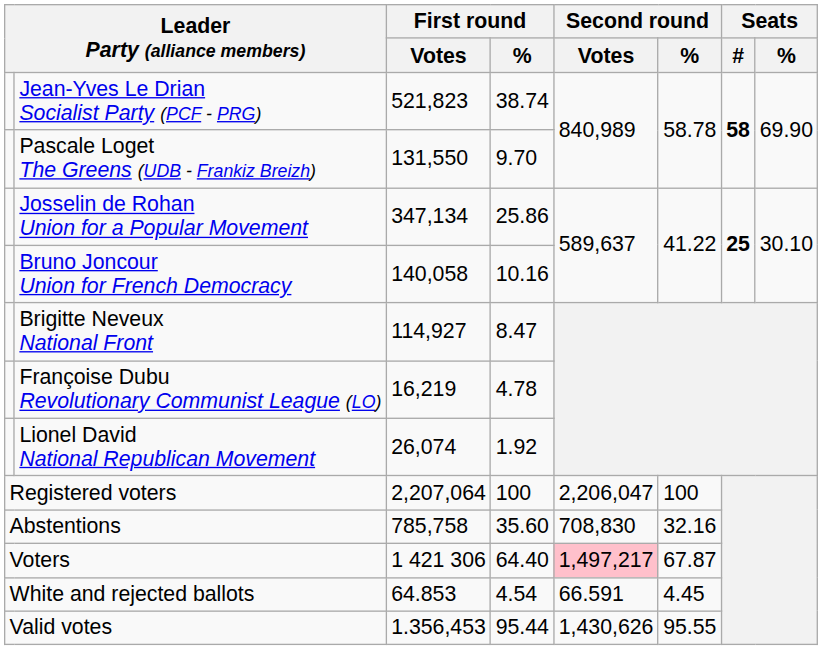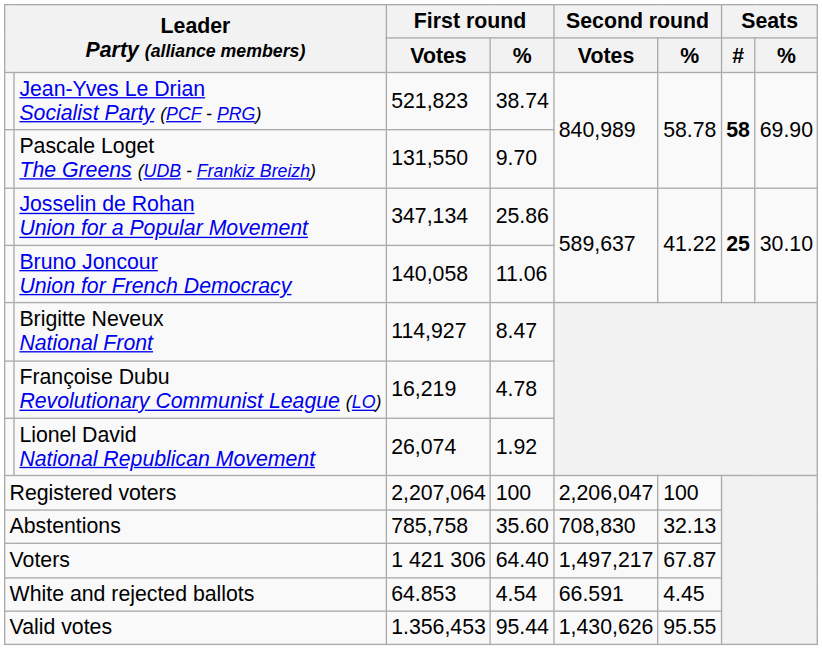 <table class="wikitable">
 <tr>
 <th colspan="2" rowspan="2">Leader<br><em>Party <small>(alliance members)</small></em></th>
 <th colspan="2">First round</th>
 <th colspan="2">Second round</th>
 <th colspan="2">Seats</th>
 </tr>
 <tr>
 <th>Votes</th>
 <th>%</th>
 <th>Votes</th>
 <th>%</th>
 <th>#</th>
 <th>%</th>
 </tr>
 <tr>
 <td style="background:"></td>
 <td><a href='#'>Jean-Yves Le Drian</a><br><a href='#'><em>Socialist Party</em></a> <em><small>(<a href='#'>PCF</a> - <a href='#'>PRG</a>)</small></em></td>
 <td>521,823</td>
 <td>38.74</td>
 <td rowspan="2">840,989</td>
 <td rowspan="2">58.78</td>
 <td rowspan="2"><strong>58</strong></td>
 <td rowspan="2">69.90</td>
 </tr>
 <tr>
 <td style="background:"></td>
 <td>Pascale Loget<br><em><a href='#'>The Greens</a> <small>(<a href='#'>UDB</a> - <a href='#'>Frankiz Breizh</a>)</small></em></td>
 <td>131,550</td>
 <td>9.70</td>
 </tr>
 <tr>
 <td style="background:"></td>
 <td><a href='#'>Josselin de Rohan</a><br><em><a href='#'>Union for a Popular Movement</a></em></td>
 <td>347,134</td>
 <td>25.86</td>
 <td rowspan="2">589,637</td>
 <td rowspan="2">41.22</td>
 <td rowspan="2"><strong>25</strong></td>
 <td rowspan="2">30.10</td>
 </tr>
 <tr>
 <td style="background:"></td>
 <td><a href='#'>Bruno Joncour</a><br><em><a href='#'>Union for French Democracy</a></em></td>
 <td>140,058</td>
-<td>10.16</td>
+<td>11.06</td>
 </tr>
 <tr>
 <td style="background:"></td>
 <td>Brigitte Neveux<br><em><a href='#'>National Front</a></em></td>
 <td>114,927</td>
 <td>8.47</td>
 <th colspan="4" rowspan="3"></th>
 </tr>
 <tr>
 <td style="background:"></td>
 <td>Françoise Dubu<br><em><a href='#'>Revolutionary Communist League</a> <small>(<a href='#'>LO</a>)</small></em></td>
 <td>16,219</td>
 <td>4.78</td>
 </tr>
 <tr>
 <td style="background:"></td>
 <td>Lionel David<br><em><a href='#'>National Republican Movement</a></em></td>
 <td>26,074</td>
 <td>1.92</td>
 </tr>
 <tr>
 <td colspan="2">Registered voters</td>
 <td>2,207,064</td>
 <td>100</td>
 <td>2,206,047</td>
 <td>100</td>
 <th colspan="2" rowspan="5"></th>
 </tr>
 <tr>
 <td colspan="2">Abstentions</td>
 <td>785,758</td>
 <td>35.60</td>
 <td>708,830</td>
-<td>32.16</td>
+<td>32.13</td>
 </tr>
 <tr>
 <td colspan="2">Voters</td>
 <td>1 421 306</td>
 <td>64.40</td>
-<td style="background: pink;">1,497,217</td>
+<td>1,497,217</td>
 <td>67.87</td>
 </tr>
 <tr>
 <td colspan="2">White and rejected ballots</td>
 <td>64.853</td>
 <td>4.54</td>
 <td>66.591</td>
 <td>4.45</td>
 </tr>
 <tr>
 <td colspan="2">Valid votes</td>
 <td>1.356,453</td>
 <td>95.44</td>
 <td>1,430,626</td>
 <td>95.55</td>
 </tr>
 </table>
